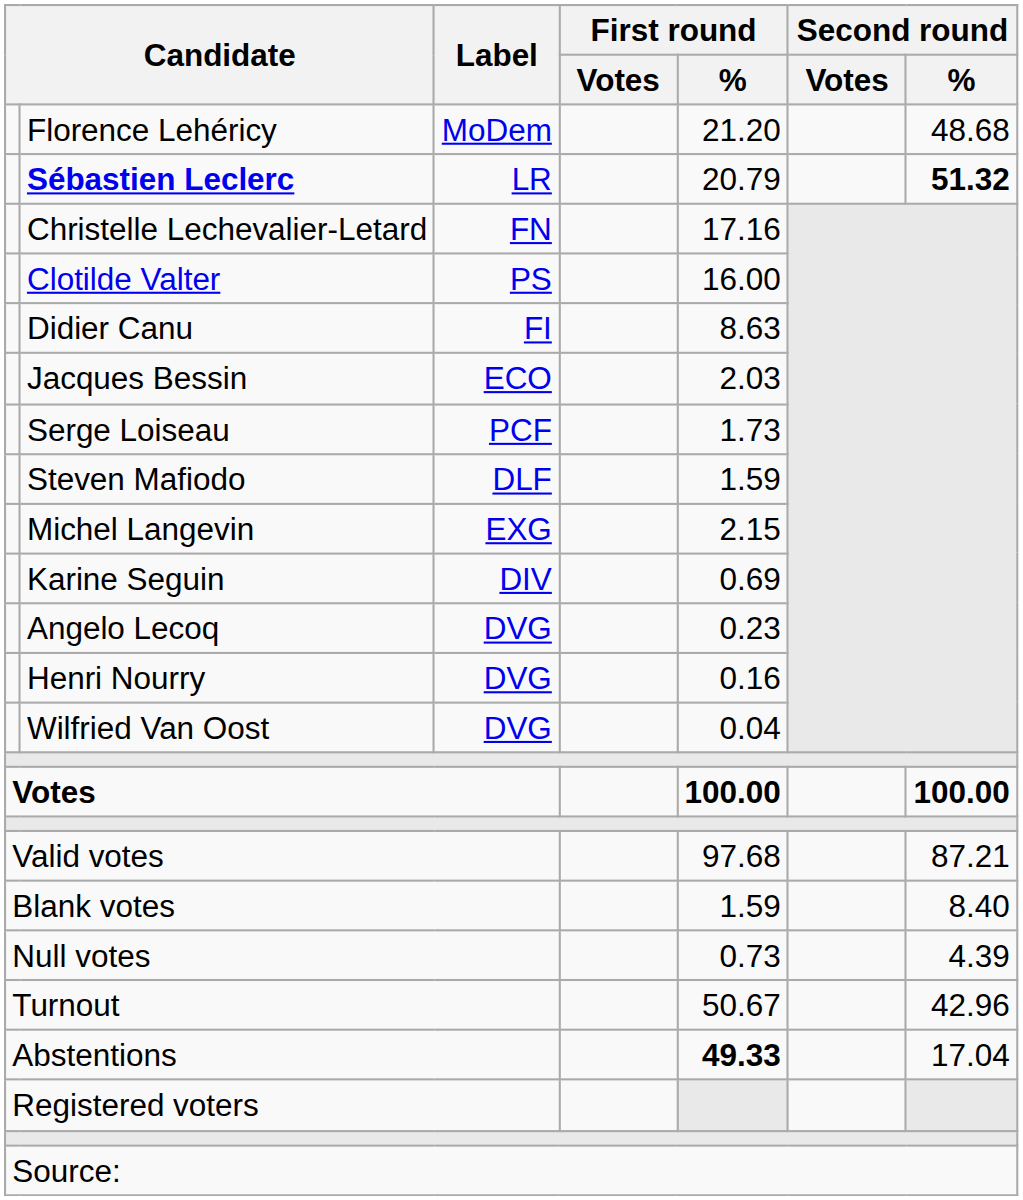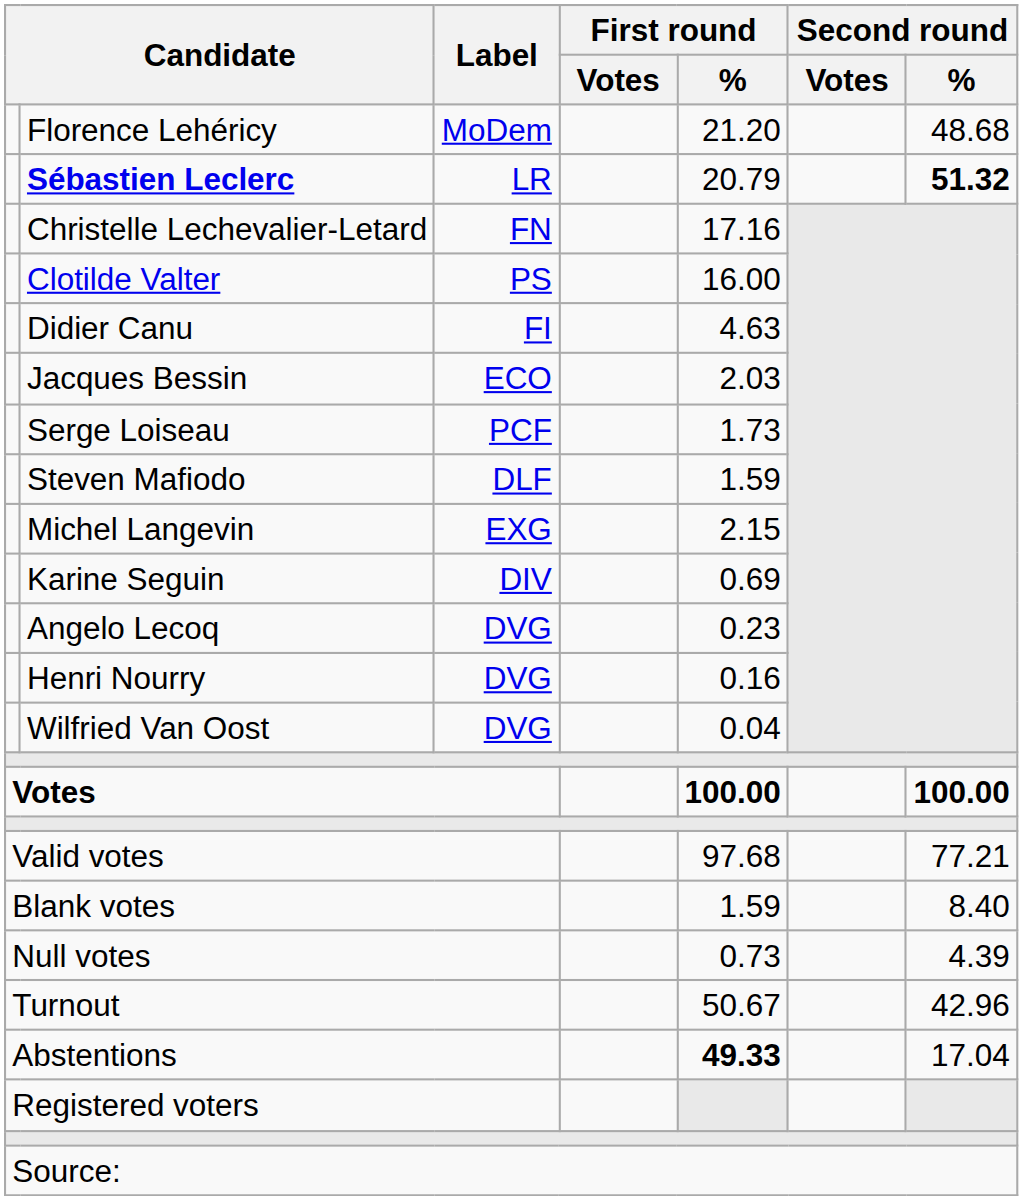 <table class="wikitable" style="text-align:right;font-size:95%;">
 <tr>
 <th colspan="2" rowspan="2">Candidate</th>
 <th rowspan="2">Label</th>
 <th colspan="2">First round</th>
 <th colspan="2">Second round</th>
 </tr>
 <tr>
 <th style="width:50px;">Votes</th>
 <th style="width:45px;">%</th>
 <th style="width:50px;">Votes</th>
 <th style="width:45px;">%</th>
 </tr>
 <tr>
 <td style="color:inherit;background:"></td>
 <td style="text-align:left;">Florence Lehéricy</td>
 <td><a href='#'>MoDem</a></td>
 <td></td>
 <td>21.20</td>
 <td></td>
 <td>48.68</td>
 </tr>
 <tr>
 <td style="color:inherit;background:"></td>
 <td style="text-align:left;"><strong><a href='#'>Sébastien Leclerc</a></strong></td>
 <td><a href='#'>LR</a></td>
 <td></td>
 <td>20.79</td>
 <td><strong></strong></td>
 <td><strong>51.32</strong></td>
 </tr>
 <tr>
 <td style="color:inherit;background:"></td>
 <td style="text-align:left;">Christelle Lechevalier-Letard</td>
 <td><a href='#'>FN</a></td>
 <td></td>
 <td>17.16</td>
 <td colspan="2" rowspan="11" style="background:#E9E9E9;"></td>
 </tr>
 <tr>
 <td style="color:inherit;background:"></td>
 <td style="text-align:left;"><a href='#'>Clotilde Valter</a></td>
 <td><a href='#'>PS</a></td>
 <td></td>
 <td>16.00</td>
 </tr>
 <tr>
 <td style="color:inherit;background:"></td>
 <td style="text-align:left;">Didier Canu</td>
 <td><a href='#'>FI</a></td>
 <td></td>
-<td>8.63</td>
+<td>4.63</td>
 </tr>
 <tr>
 <td style="color:inherit;background:"></td>
 <td style="text-align:left;">Jacques Bessin</td>
 <td><a href='#'>ECO</a></td>
 <td></td>
 <td>2.03</td>
 </tr>
 <tr>
 <td style="color:inherit;background:"></td>
 <td style="text-align:left;">Serge Loiseau</td>
 <td><a href='#'>PCF</a></td>
 <td></td>
 <td>1.73</td>
 </tr>
 <tr>
 <td style="color:inherit;background:"></td>
 <td style="text-align:left;">Steven Mafiodo</td>
 <td><a href='#'>DLF</a></td>
 <td></td>
 <td>1.59</td>
 </tr>
 <tr>
 <td style="color:inherit;background:"></td>
 <td style="text-align:left;">Michel Langevin</td>
 <td><a href='#'>EXG</a></td>
 <td></td>
 <td>2.15</td>
 </tr>
 <tr>
 <td style="color:inherit;background:"></td>
 <td style="text-align:left;">Karine Seguin</td>
 <td><a href='#'>DIV</a></td>
 <td></td>
 <td>0.69</td>
 </tr>
 <tr>
 <td style="color:inherit;background:"></td>
 <td style="text-align:left;">Angelo Lecoq</td>
 <td><a href='#'>DVG</a></td>
 <td></td>
 <td>0.23</td>
 </tr>
 <tr>
 <td style="color:inherit;background:"></td>
 <td style="text-align:left;">Henri Nourry</td>
 <td><a href='#'>DVG</a></td>
 <td></td>
 <td>0.16</td>
 </tr>
 <tr>
 <td style="color:inherit;background:"></td>
 <td style="text-align:left;">Wilfried Van Oost</td>
 <td><a href='#'>DVG</a></td>
 <td></td>
 <td>0.04</td>
 </tr>
 <tr>
 <td colspan="7" style="background:#E9E9E9;"></td>
 </tr>
 <tr style="font-weight:bold;">
 <td colspan="3" style="text-align:left;">Votes</td>
 <td></td>
 <td>100.00</td>
 <td></td>
 <td>100.00</td>
 </tr>
 <tr>
 <td colspan="7" style="background:#E9E9E9;"></td>
 </tr>
 <tr>
 <td colspan="3" style="text-align:left;">Valid votes</td>
 <td></td>
 <td>97.68</td>
 <td></td>
-<td>87.21</td>
+<td>77.21</td>
 </tr>
 <tr>
 <td colspan="3" style="text-align:left;">Blank votes</td>
 <td></td>
 <td>1.59</td>
 <td></td>
 <td>8.40</td>
 </tr>
 <tr>
 <td colspan="3" style="text-align:left;">Null votes</td>
 <td></td>
 <td>0.73</td>
 <td></td>
 <td>4.39</td>
 </tr>
 <tr>
 <td colspan="3" style="text-align:left;">Turnout</td>
 <td></td>
 <td>50.67</td>
 <td></td>
 <td>42.96</td>
 </tr>
 <tr>
 <td colspan="3" style="text-align:left;">Abstentions</td>
 <td></td>
 <td><strong>49.33</strong></td>
 <td></td>
 <td>17.04</td>
 </tr>
 <tr>
 <td colspan="3" style="text-align:left;">Registered voters</td>
 <td></td>
 <td style="color:inherit;background:#E9E9E9;"></td>
 <td></td>
 <td style="color:inherit;background:#E9E9E9;"></td>
 </tr>
 <tr>
 <td colspan="7" style="background:#E9E9E9;"></td>
 </tr>
 <tr>
 <td colspan="7" style="text-align:left;">Source: </td>
 </tr>
 </table>
